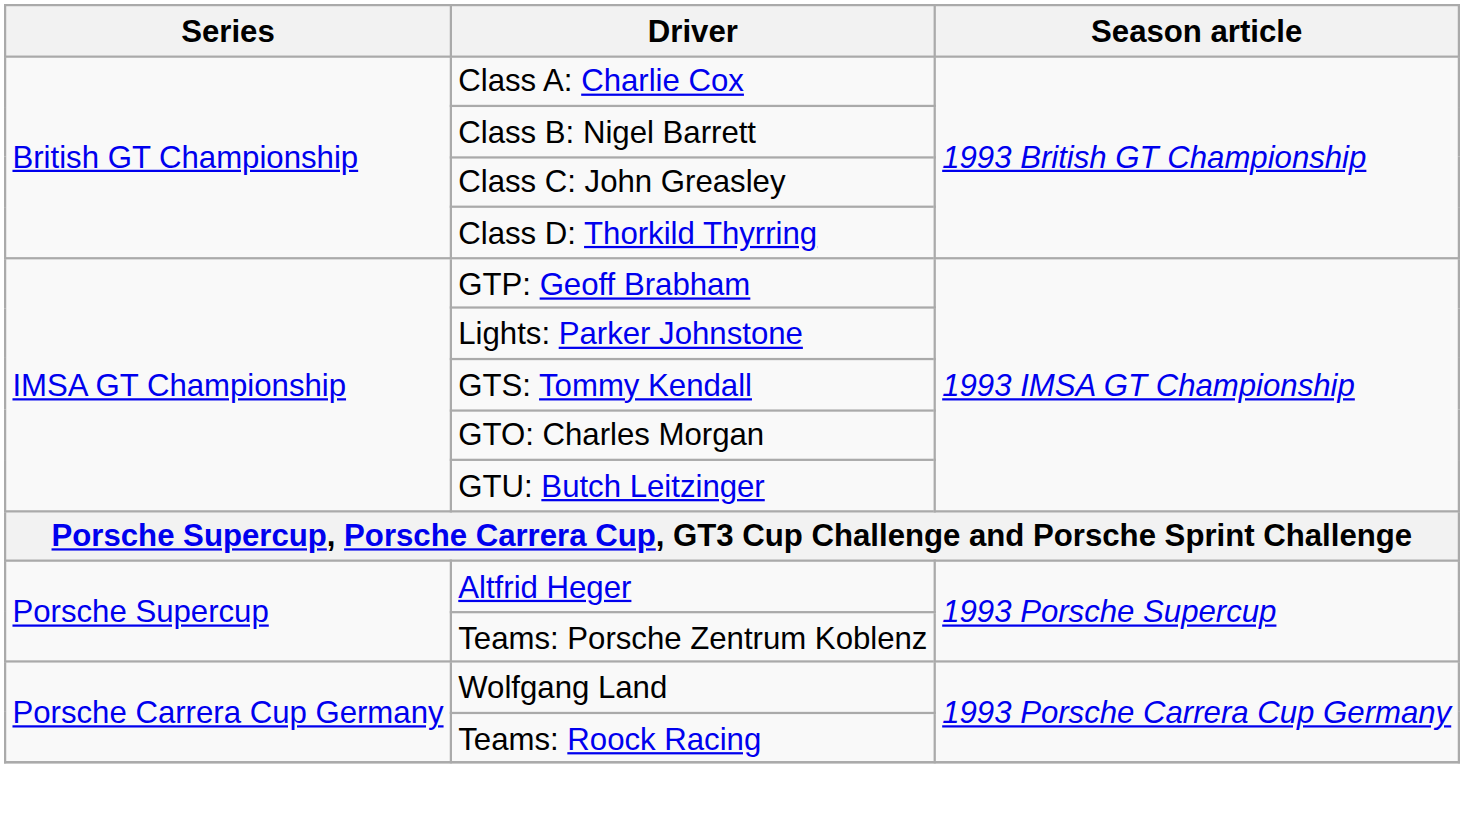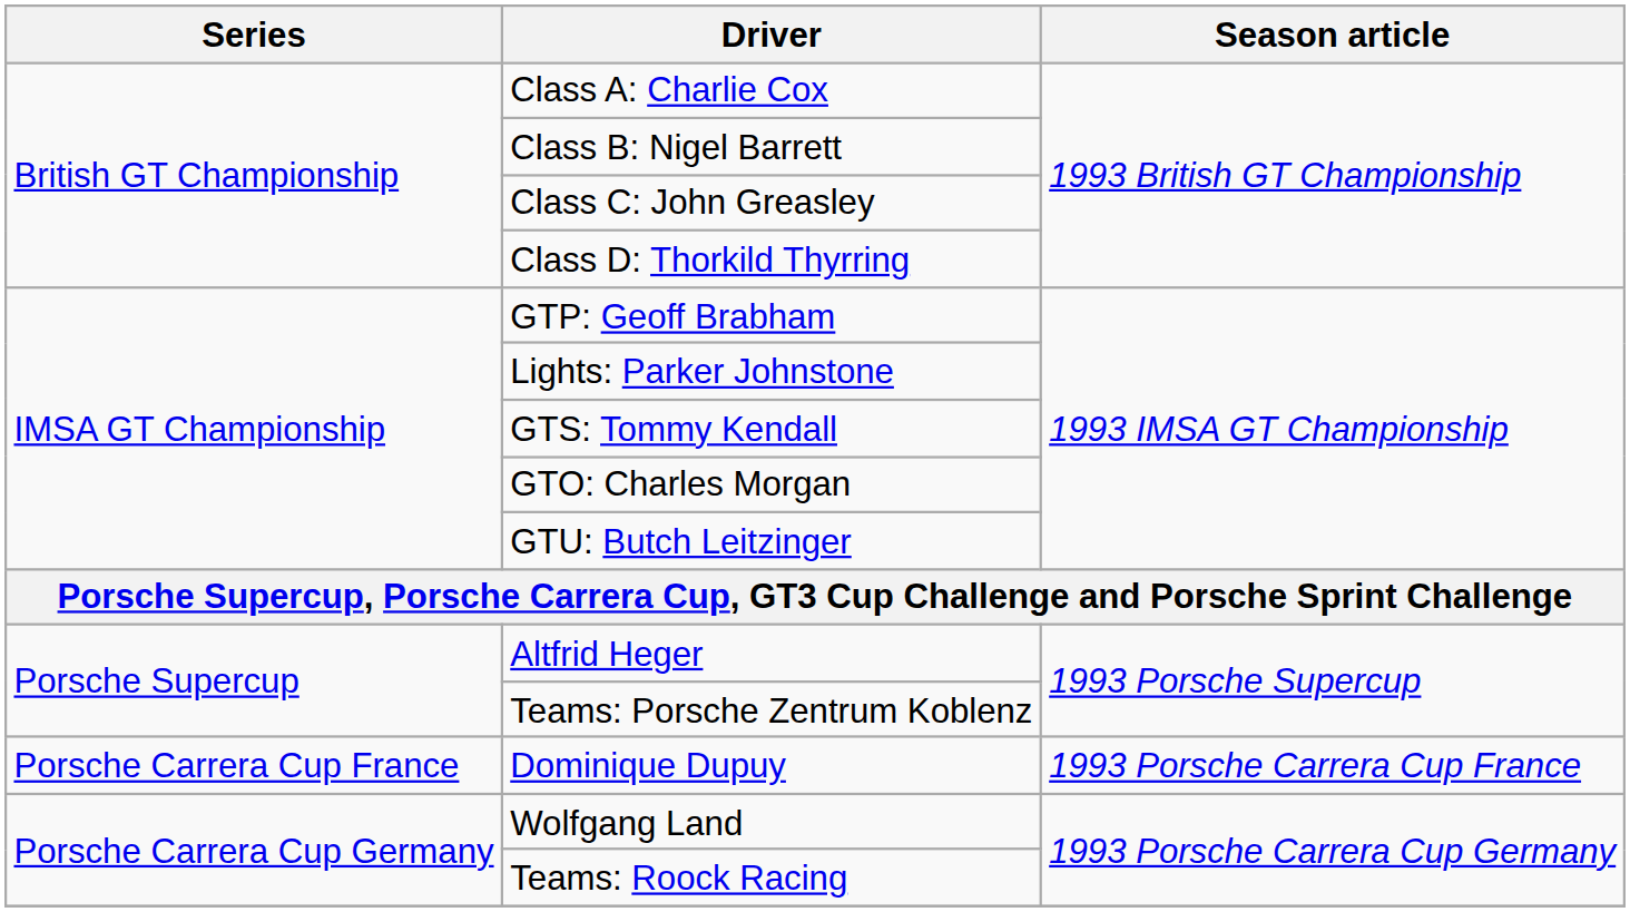 <table class="wikitable" style="font-size:87%;">
 <tr>
 <th>Series</th>
 <th>Driver</th>
 <th>Season article</th>
 </tr>
 <tr>
 <td rowspan=4><a href='#'>British GT Championship</a></td>
 <td>Class A:  <a href='#'>Charlie Cox</a></td>
 <td rowspan=4><em><a href='#'>1993 British GT Championship</a></em></td>
 </tr>
 <tr>
 <td>Class B:  Nigel Barrett</td>
 </tr>
 <tr>
 <td>Class C:  John Greasley</td>
 </tr>
 <tr>
 <td>Class D:  <a href='#'>Thorkild Thyrring</a></td>
 </tr>
 <tr>
 <td rowspan=5><a href='#'>IMSA GT Championship</a></td>
 <td>GTP:  <a href='#'>Geoff Brabham</a></td>
 <td rowspan=5><em><a href='#'>1993 IMSA GT Championship</a></em></td>
 </tr>
 <tr>
 <td>Lights:  <a href='#'>Parker Johnstone</a></td>
 </tr>
 <tr>
 <td>GTS:  <a href='#'>Tommy Kendall</a></td>
 </tr>
 <tr>
 <td>GTO:  Charles Morgan</td>
 </tr>
 <tr>
 <td>GTU:  <a href='#'>Butch Leitzinger</a></td>
 </tr>
 <tr>
 <th colspan="3"><a href='#'>Porsche Supercup</a>, <a href='#'>Porsche Carrera Cup</a>, GT3 Cup Challenge and Porsche Sprint Challenge</th>
 </tr>
 <tr>
 <td rowspan=2><a href='#'>Porsche Supercup</a></td>
 <td> <a href='#'>Altfrid Heger</a></td>
 <td rowspan=2><em><a href='#'>1993 Porsche Supercup</a></em></td>
 </tr>
 <tr>
 <td>Teams:  Porsche Zentrum Koblenz</td>
 </tr>
 <tr>
+<td><a href='#'>Porsche Carrera Cup France</a></td>
+<td> <a href='#'>Dominique Dupuy</a></td>
+<td><em><a href='#'>1993 Porsche Carrera Cup France</a></em></td>
+</tr>
+<tr>
 <td rowspan=2><a href='#'>Porsche Carrera Cup Germany</a></td>
 <td> Wolfgang Land</td>
 <td rowspan=2><em><a href='#'>1993 Porsche Carrera Cup Germany</a></em></td>
 </tr>
 <tr>
 <td>Teams:  <a href='#'>Roock Racing</a></td>
 </tr>
 <tr>
 </tr>
 </table>
